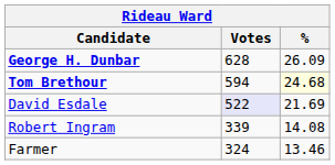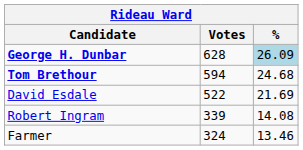 <table class="wikitable">
 <tr>
 <th colspan="3"><a href='#'>Rideau Ward</a></th>
 </tr>
 <tr>
 <th style="width: 200px">Candidate</th>
 <th style="width: 50px">Votes</th>
 <th style="width: 40px">%</th>
 </tr>
 <tr>
 <td><strong><a href='#'>George H. Dunbar</a></strong></td>
 <td>628</td>
-<td>26.09</td>
+<td style="background: lightblue;">26.09</td>
 </tr>
 <tr>
 <td><strong><a href='#'>Tom Brethour</a></strong></td>
 <td>594</td>
-<td style="background: lightyellow;">24.68</td>
+<td>24.68</td>
 </tr>
 <tr>
 <td><a href='#'>David Esdale</a></td>
-<td style="background: lavender;">522</td>
+<td>522</td>
 <td>21.69</td>
 </tr>
 <tr>
 <td><a href='#'>Robert Ingram</a></td>
 <td>339</td>
 <td>14.08</td>
 </tr>
 <tr>
 <td>Farmer</td>
 <td>324</td>
 <td>13.46</td>
 </tr>
 </table>
